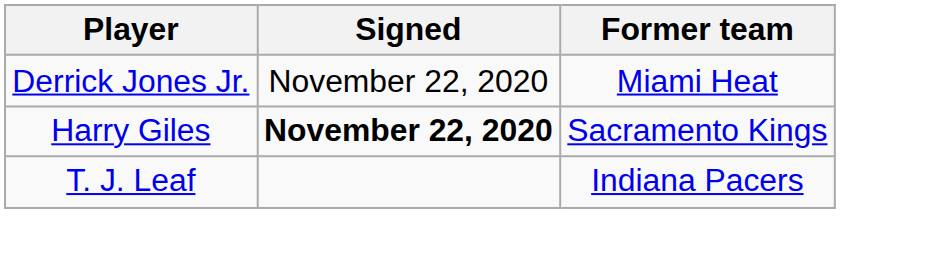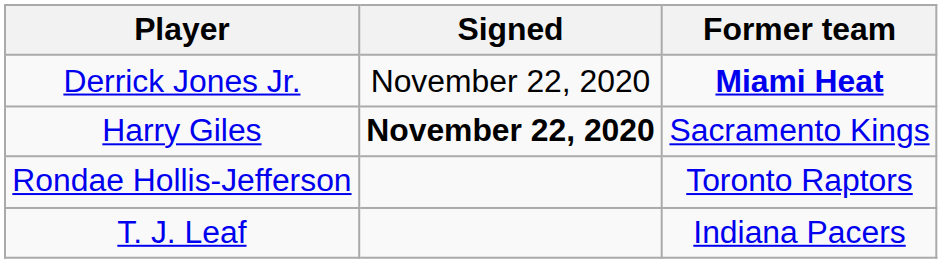 <table class="wikitable sortable sortable" style="text-align: center">
 <tr>
 <th>Player</th>
 <th>Signed</th>
 <th>Former team</th>
 </tr>
 <tr style="text-align: center">
 <td><a href='#'>Derrick Jones Jr.</a></td>
 <td>November 22, 2020</td>
-<td><a href='#'>Miami Heat</a></td>
+<td><strong><a href='#'>Miami Heat</a></strong></td>
 </tr>
 <tr style="text-align: center">
 <td><a href='#'>Harry Giles</a></td>
 <td><strong>November 22, 2020</strong></td>
 <td><a href='#'>Sacramento Kings</a></td>
 </tr>
 <tr style="text-align: center">
+<td><a href='#'>Rondae Hollis-Jefferson</a></td>
+<td></td>
+<td><a href='#'>Toronto Raptors</a></td>
+</tr>
+<tr style="text-align: center">
 <td><a href='#'>T. J. Leaf</a></td>
 <td></td>
 <td><a href='#'>Indiana Pacers</a></td>
 </tr>
 </table>
